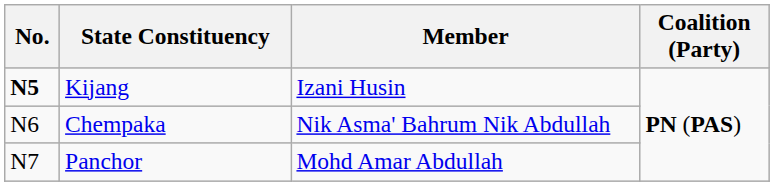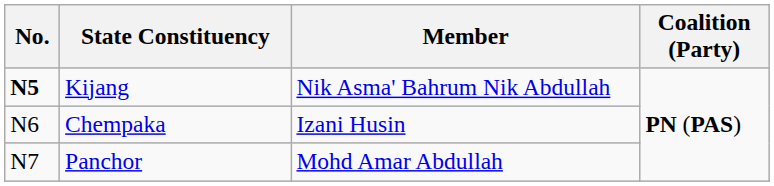 <table class="wikitable">
 <tr>
 <th width="30">No.</th>
 <th width="150">State Constituency</th>
 <th width="230">Member</th>
 <th width="80">Coalition (Party)</th>
 </tr>
 <tr>
 <td><strong>N5</strong></td>
 <td><a href='#'>Kijang</a></td>
-<td><a href='#'>Izani Husin</a></td>
+<td><a href='#'>Nik Asma' Bahrum Nik Abdullah</a></td>
 <td rowspan=3 style="background:"><strong>PN</strong> (<strong>PAS</strong>)</td>
 </tr>
 <tr>
 <td>N6</td>
 <td><a href='#'>Chempaka</a></td>
-<td><a href='#'>Nik Asma' Bahrum Nik Abdullah</a></td>
+<td><a href='#'>Izani Husin</a></td>
 </tr>
 <tr>
 <td>N7</td>
 <td><a href='#'>Panchor</a></td>
 <td><a href='#'>Mohd Amar Abdullah</a></td>
 </tr>
 </table>
